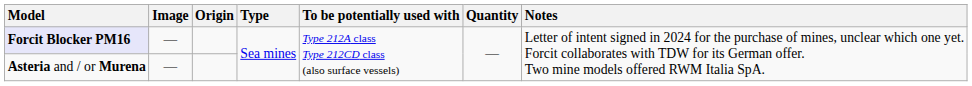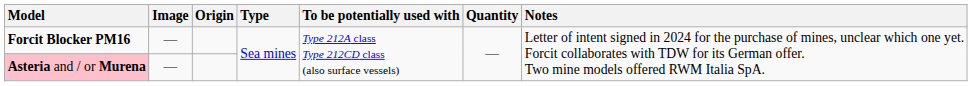 <table class="wikitable" style="font-size: 92%;">
 <tr>
 <th style="text-align: left">Model</th>
 <th style="text-align: left">Image</th>
 <th style="text-align: left">Origin</th>
 <th style="text-align: left">Type</th>
 <th style="text-align: left">To be potentially used with</th>
 <th style="text-align: left">Quantity</th>
 <th style="text-align: left">Notes</th>
 </tr>
 <tr>
-<td style="background: lavender;"><strong>Forcit Blocker PM16</strong></td>
+<td><strong>Forcit Blocker PM16</strong></td>
 <td style="text-align: center">—</td>
 <td><br></td>
 <td rowspan="2"><a href='#'>Sea mines</a></td>
 <td rowspan="2"><small><a href='#'><em>Type 212A</em> class</a></small><br><a href='#'><small><em>Type 212CD</em> class</small></a><br><small>(also surface vessels)</small></td>
 <td rowspan="2" style="text-align: center">—</td>
 <td rowspan="2">Letter of intent signed in 2024 for the purchase of mines, unclear which one yet.<br>Forcit collaborates with TDW for its German offer.<br>Two mine models offered RWM Italia SpA.</td>
 </tr>
 <tr>
-<td><strong>Asteria</strong> and / or <strong>Murena</strong></td>
+<td style="background: pink;"><strong>Asteria</strong> and / or <strong>Murena</strong></td>
 <td style="text-align: center">—</td>
 <td></td>
 </tr>
 </table>
